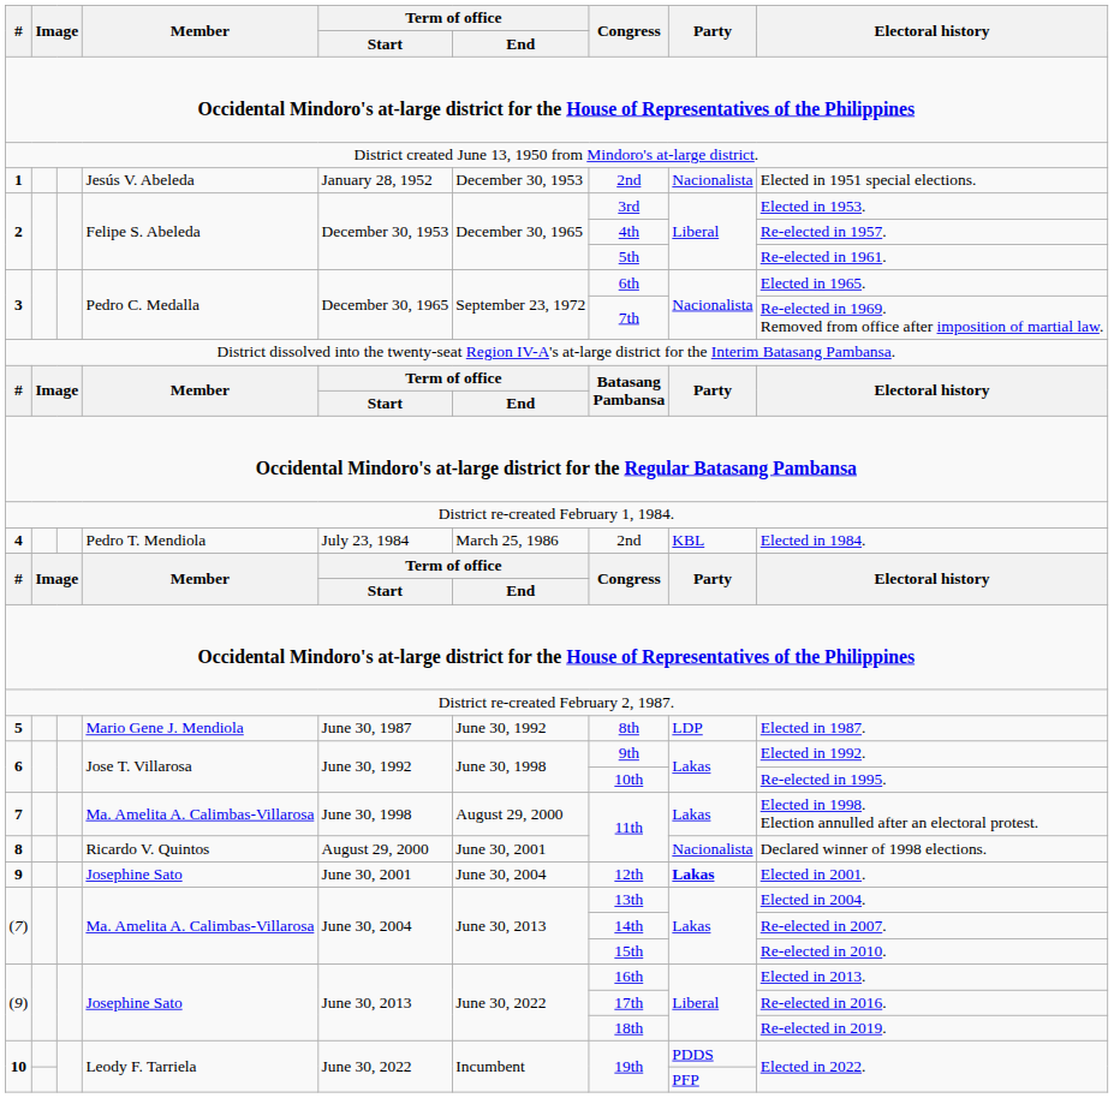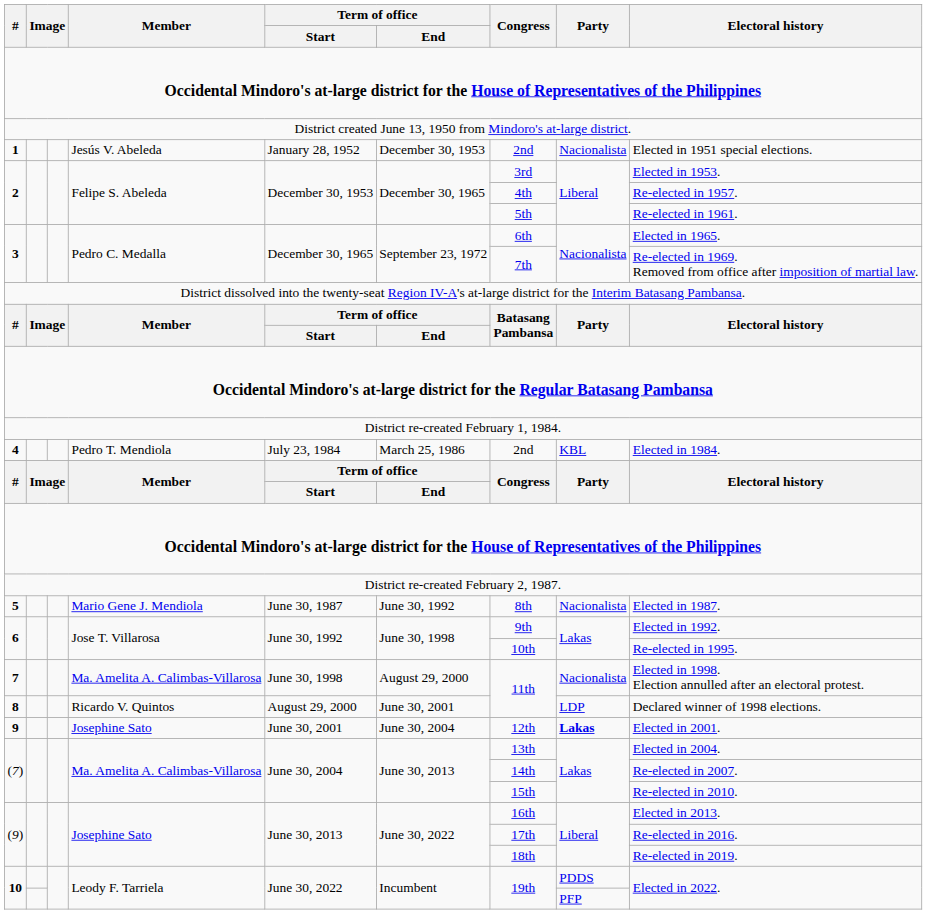 <table class=wikitable>
 <tr>
 <th rowspan="2">#</th>
 <th rowspan="2" colspan=2>Image</th>
 <th rowspan="2">Member</th>
 <th colspan=2>Term of office</th>
 <th rowspan="2">Congress</th>
 <th rowspan="2">Party</th>
 <th rowspan="2">Electoral history</th>
 </tr>
 <tr>
 <th>Start</th>
 <th>End</th>
 </tr>
 <tr>
 <td colspan="9" style="text-align:center;"><br><h3>Occidental Mindoro's at-large district for the <a href='#'>House of Representatives of the Philippines</a></h3></td>
 </tr>
 <tr>
 <td colspan="9" style="text-align:center;">District created June 13, 1950 from <a href='#'>Mindoro's at-large district</a>.</td>
 </tr>
 <tr>
 <td style="text-align:center;"><strong>1</strong></td>
 <td style="color:inherit;background:"></td>
 <td></td>
 <td>Jesús V. Abeleda</td>
 <td>January 28, 1952</td>
 <td>December 30, 1953</td>
 <td style="text-align:center;"><a href='#'>2nd</a></td>
 <td><a href='#'>Nacionalista</a></td>
 <td>Elected in 1951 special elections.</td>
 </tr>
 <tr>
 <td rowspan="3" style="text-align:center;"><strong>2</strong></td>
 <td rowspan="3" style="color:inherit;background:"></td>
 <td rowspan="3"></td>
 <td rowspan="3">Felipe S. Abeleda</td>
 <td rowspan="3">December 30, 1953</td>
 <td rowspan="3">December 30, 1965</td>
 <td style="text-align:center;"><a href='#'>3rd</a></td>
 <td rowspan="3"><a href='#'>Liberal</a></td>
 <td><a href='#'>Elected in 1953</a>.</td>
 </tr>
 <tr>
 <td style="text-align:center;"><a href='#'>4th</a></td>
 <td><a href='#'>Re-elected in 1957</a>.</td>
 </tr>
 <tr>
 <td style="text-align:center;"><a href='#'>5th</a></td>
 <td><a href='#'>Re-elected in 1961</a>.</td>
 </tr>
 <tr>
 <td rowspan="2" style="text-align:center;"><strong>3</strong></td>
 <td rowspan="2" style="color:inherit;background:"></td>
 <td rowspan="2"></td>
 <td rowspan="2">Pedro C. Medalla</td>
 <td rowspan="2">December 30, 1965</td>
 <td rowspan="2">September 23, 1972</td>
 <td style="text-align:center;"><a href='#'>6th</a></td>
 <td rowspan="2"><a href='#'>Nacionalista</a></td>
 <td><a href='#'>Elected in 1965</a>.</td>
 </tr>
 <tr>
 <td style="text-align:center;"><a href='#'>7th</a></td>
 <td><a href='#'>Re-elected in 1969</a>.<br>Removed from office after <a href='#'>imposition of martial law</a>.</td>
 </tr>
 <tr>
 <td colspan="9" style="text-align:center;">District dissolved into the twenty-seat <a href='#'>Region IV-A</a>'s at-large district for the <a href='#'>Interim Batasang Pambansa</a>.</td>
 </tr>
 <tr>
 <th rowspan="2">#</th>
 <th rowspan="2" colspan=2>Image</th>
 <th rowspan="2">Member</th>
 <th colspan=2>Term of office</th>
 <th rowspan="2">Batasang<br>Pambansa</th>
 <th rowspan="2">Party</th>
 <th rowspan="2">Electoral history</th>
 </tr>
 <tr>
 <th>Start</th>
 <th>End</th>
 </tr>
 <tr>
 <td colspan="9" style="text-align:center;"><br><h3>Occidental Mindoro's at-large district for the <a href='#'>Regular Batasang Pambansa</a></h3></td>
 </tr>
 <tr>
 <td colspan="9" style="text-align:center;">District re-created February 1, 1984.</td>
 </tr>
 <tr>
 <td style="text-align:center;"><strong>4</strong></td>
 <td style="color:inherit;background:"></td>
 <td></td>
 <td>Pedro T. Mendiola</td>
 <td>July 23, 1984</td>
 <td>March 25, 1986</td>
 <td style="text-align:center;">2nd</td>
 <td><a href='#'>KBL</a></td>
 <td><a href='#'>Elected in 1984</a>.</td>
 </tr>
 <tr>
 <th rowspan="2">#</th>
 <th rowspan="2" colspan=2>Image</th>
 <th rowspan="2">Member</th>
 <th colspan=2>Term of office</th>
 <th rowspan="2">Congress</th>
 <th rowspan="2">Party</th>
 <th rowspan="2">Electoral history</th>
 </tr>
 <tr>
 <th>Start</th>
 <th>End</th>
 </tr>
 <tr>
 <td colspan="9" style="text-align:center;"><br><h3>Occidental Mindoro's at-large district for the <a href='#'>House of Representatives of the Philippines</a></h3></td>
 </tr>
 <tr>
 <td colspan="9" style="text-align:center;">District re-created February 2, 1987.</td>
 </tr>
 <tr>
 <td style="text-align:center;"><strong>5</strong></td>
 <td style="color:inherit;background:"></td>
 <td></td>
 <td><a href='#'>Mario Gene J. Mendiola</a></td>
 <td>June 30, 1987</td>
 <td>June 30, 1992</td>
 <td style="text-align:center;"><a href='#'>8th</a></td>
-<td><a href='#'>LDP</a></td>
+<td><a href='#'>Nacionalista</a></td>
 <td><a href='#'>Elected in 1987</a>.</td>
 </tr>
 <tr>
 <td rowspan="2" style="text-align:center;"><strong>6</strong></td>
 <td rowspan="2" style="color:inherit;background:"></td>
 <td rowspan="2"></td>
 <td rowspan="2">Jose T. Villarosa</td>
 <td rowspan="2">June 30, 1992</td>
 <td rowspan="2">June 30, 1998</td>
 <td style="text-align:center;"><a href='#'>9th</a></td>
 <td rowspan="2"><a href='#'>Lakas</a></td>
 <td><a href='#'>Elected in 1992</a>.</td>
 </tr>
 <tr>
 <td style="text-align:center;"><a href='#'>10th</a></td>
 <td><a href='#'>Re-elected in 1995</a>.</td>
 </tr>
 <tr>
 <td style="text-align:center;"><strong>7</strong></td>
 <td style="color:inherit;background:"></td>
 <td></td>
 <td><a href='#'>Ma. Amelita A. Calimbas-Villarosa</a></td>
 <td>June 30, 1998</td>
 <td>August 29, 2000</td>
 <td rowspan="2" style="text-align:center;"><a href='#'>11th</a></td>
-<td><a href='#'>Lakas</a></td>
+<td><a href='#'>Nacionalista</a></td>
 <td><a href='#'>Elected in 1998</a>.<br>Election annulled after an electoral protest.</td>
 </tr>
 <tr>
 <td style="text-align:center;"><strong>8</strong></td>
 <td style="color:inherit;background:"></td>
 <td></td>
 <td>Ricardo V. Quintos</td>
 <td>August 29, 2000</td>
 <td>June 30, 2001</td>
-<td><a href='#'>Nacionalista</a></td>
+<td><a href='#'>LDP</a></td>
 <td>Declared winner of 1998 elections.</td>
 </tr>
 <tr>
 <td style="text-align:center;"><strong>9</strong></td>
 <td style="color:inherit;background:"></td>
 <td></td>
 <td><a href='#'>Josephine Sato</a></td>
 <td>June 30, 2001</td>
 <td>June 30, 2004</td>
 <td style="text-align:center;"><a href='#'>12th</a></td>
 <td><strong><a href='#'>Lakas</a></strong></td>
 <td><a href='#'>Elected in 2001</a>.</td>
 </tr>
 <tr>
 <td rowspan="3" style="text-align:center;">(<em>7</em>)</td>
 <td rowspan="3" style="color:inherit;background:"></td>
 <td rowspan="3"></td>
 <td rowspan="3"><a href='#'>Ma. Amelita A. Calimbas-Villarosa</a></td>
 <td rowspan="3">June 30, 2004</td>
 <td rowspan="3">June 30, 2013</td>
 <td style="text-align:center;"><a href='#'>13th</a></td>
 <td rowspan="3"><a href='#'>Lakas</a></td>
 <td><a href='#'>Elected in 2004</a>.</td>
 </tr>
 <tr>
 <td style="text-align:center;"><a href='#'>14th</a></td>
 <td><a href='#'>Re-elected in 2007</a>.</td>
 </tr>
 <tr>
 <td style="text-align:center;"><a href='#'>15th</a></td>
 <td><a href='#'>Re-elected in 2010</a>.</td>
 </tr>
 <tr>
 <td rowspan="3" style="text-align:center;">(<em>9</em>)</td>
 <td rowspan="3" style="color:inherit;background:"></td>
 <td rowspan="3"></td>
 <td rowspan="3"><a href='#'>Josephine Sato</a></td>
 <td rowspan="3">June 30, 2013</td>
 <td rowspan="3">June 30, 2022</td>
 <td style="text-align:center;"><a href='#'>16th</a></td>
 <td rowspan="3"><a href='#'>Liberal</a></td>
 <td><a href='#'>Elected in 2013</a>.</td>
 </tr>
 <tr>
 <td style="text-align:center;"><a href='#'>17th</a></td>
 <td><a href='#'>Re-elected in 2016</a>.</td>
 </tr>
 <tr>
 <td style="text-align:center;"><a href='#'>18th</a></td>
 <td><a href='#'>Re-elected in 2019</a>.</td>
 </tr>
 <tr>
 <td style="text-align:center;" rowspan="2"><strong>10</strong></td>
 <td style="color:inherit;background:"></td>
 <td rowspan="2"></td>
 <td rowspan="2">Leody F. Tarriela</td>
 <td rowspan="2">June 30, 2022</td>
 <td rowspan="2">Incumbent</td>
 <td style="text-align:center;" rowspan="2"><a href='#'>19th</a></td>
 <td><a href='#'>PDDS</a></td>
 <td rowspan="2"><a href='#'>Elected in 2022</a>.</td>
 </tr>
 <tr>
 <td style="color:inherit;background:"></td>
 <td><a href='#'>PFP</a></td>
 </tr>
 </table>
